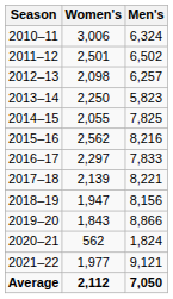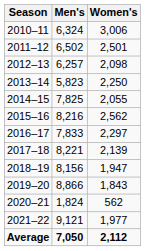 <table class="wikitable" style="text-align:center">
 <tr>
 <th>Season</th>
+<th>Men's</th>
 <th>Women's</th>
-<th>Men's</th>
 </tr>
 <tr>
 <td>2010–11</td>
+<td>6,324</td>
 <td>3,006</td>
-<td>6,324</td>
 </tr>
 <tr>
 <td>2011–12</td>
+<td>6,502</td>
 <td>2,501</td>
-<td>6,502</td>
 </tr>
 <tr>
 <td>2012–13</td>
+<td>6,257</td>
 <td>2,098</td>
-<td>6,257</td>
 </tr>
 <tr>
 <td>2013–14</td>
+<td>5,823</td>
 <td>2,250</td>
-<td>5,823</td>
 </tr>
 <tr>
 <td>2014–15</td>
+<td>7,825</td>
 <td>2,055</td>
-<td>7,825</td>
 </tr>
 <tr>
 <td>2015–16</td>
+<td>8,216</td>
 <td>2,562</td>
-<td>8,216</td>
 </tr>
 <tr>
 <td>2016–17</td>
+<td>7,833</td>
 <td>2,297</td>
-<td>7,833</td>
 </tr>
 <tr>
 <td>2017–18</td>
+<td>8,221</td>
 <td>2,139</td>
-<td>8,221</td>
 </tr>
 <tr>
 <td>2018–19</td>
+<td>8,156</td>
 <td>1,947</td>
-<td>8,156</td>
 </tr>
 <tr>
 <td>2019–20</td>
+<td>8,866</td>
 <td>1,843</td>
-<td>8,866</td>
 </tr>
 <tr>
 <td>2020–21</td>
+<td>1,824</td>
 <td>562</td>
-<td>1,824</td>
 </tr>
 <tr>
 <td>2021–22</td>
+<td>9,121</td>
 <td>1,977</td>
-<td>9,121</td>
 </tr>
 <tr>
 <td><strong>Average</strong></td>
+<td><strong>7,050</strong></td>
 <td><strong>2,112</strong></td>
-<td><strong>7,050</strong></td>
 </tr>
 </table>
